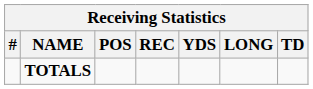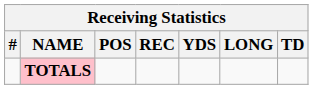 <table class="wikitable sortable collapsible collapsed">
 <tr>
 <th colspan="7">Receiving Statistics</th>
 </tr>
 <tr>
 <th>#</th>
 <th>NAME</th>
 <th>POS</th>
 <th>REC</th>
 <th>YDS</th>
 <th>LONG</th>
 <th>TD</th>
 </tr>
 <tr>
 <td></td>
-<td><strong>TOTALS</strong></td>
+<td style="background: pink;"><strong>TOTALS</strong></td>
 <td></td>
 <td></td>
 <td></td>
 <td></td>
 <td></td>
 </tr>
 </table>
